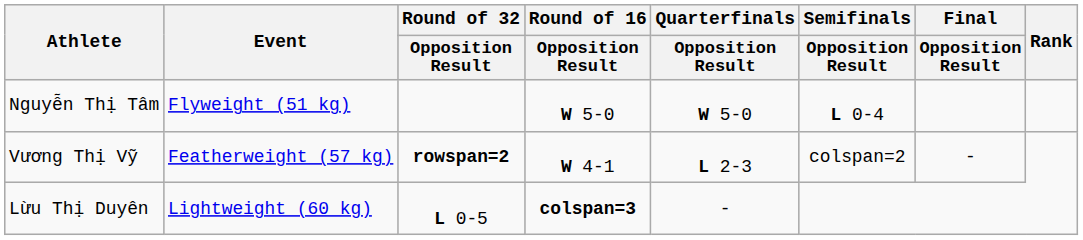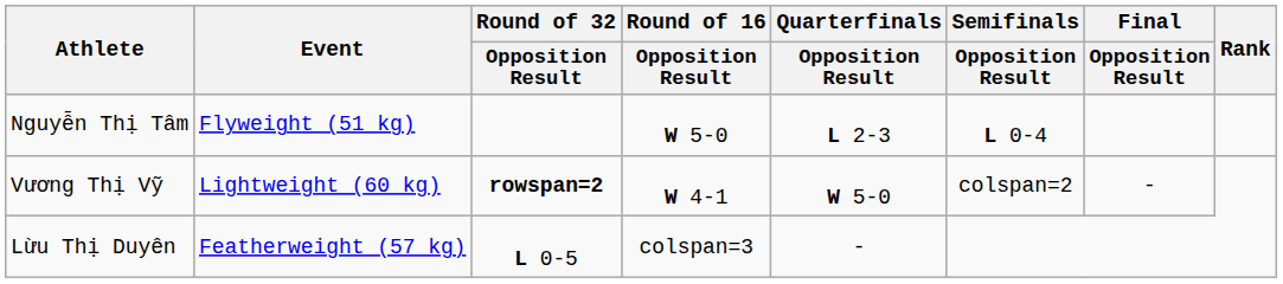 <table class=wikitable style=font-size:90%;text-align:center>
 <tr>
 <th rowspan=2>Athlete</th>
 <th rowspan=2>Event</th>
 <th>Round of 32</th>
 <th>Round of 16</th>
 <th>Quarterfinals</th>
 <th>Semifinals</th>
 <th>Final</th>
 <th rowspan=2>Rank</th>
 </tr>
 <tr style="font-size:95%">
 <th>Opposition<br>Result</th>
 <th>Opposition<br>Result</th>
 <th>Opposition<br>Result</th>
 <th>Opposition<br>Result</th>
 <th>Opposition<br>Result</th>
 </tr>
 <tr>
 <td align=left>Nguyễn Thị Tâm</td>
 <td align=left><a href='#'>Flyweight (51 kg)</a></td>
 <td></td>
 <td><br><strong>W</strong> 5-0</td>
-<td><br><strong>W</strong> 5-0</td>
+<td><br><strong>L</strong> 2-3</td>
 <td><br><strong>L</strong> 0-4</td>
 <td></td>
 <td></td>
 </tr>
 <tr>
 <td align=left>Vương Thị Vỹ</td>
-<td align=left><a href='#'>Featherweight (57 kg)</a></td>
+<td align=left><a href='#'>Lightweight (60 kg)</a></td>
 <td><strong>rowspan=2</strong></td>
 <td><br><strong>W</strong> 4-1</td>
-<td><br><strong>L</strong> 2-3</td>
+<td><br><strong>W</strong> 5-0</td>
 <td>colspan=2</td>
 <td>-</td>
 </tr>
 <tr>
 <td align=left>Lừu Thị Duyên</td>
-<td align=left><a href='#'>Lightweight (60 kg)</a></td>
+<td align=left><a href='#'>Featherweight (57 kg)</a></td>
 <td><br><strong>L</strong> 0-5</td>
-<td><strong>colspan=3</strong></td>
+<td>colspan=3</td>
 <td>-</td>
 </tr>
 </table>
